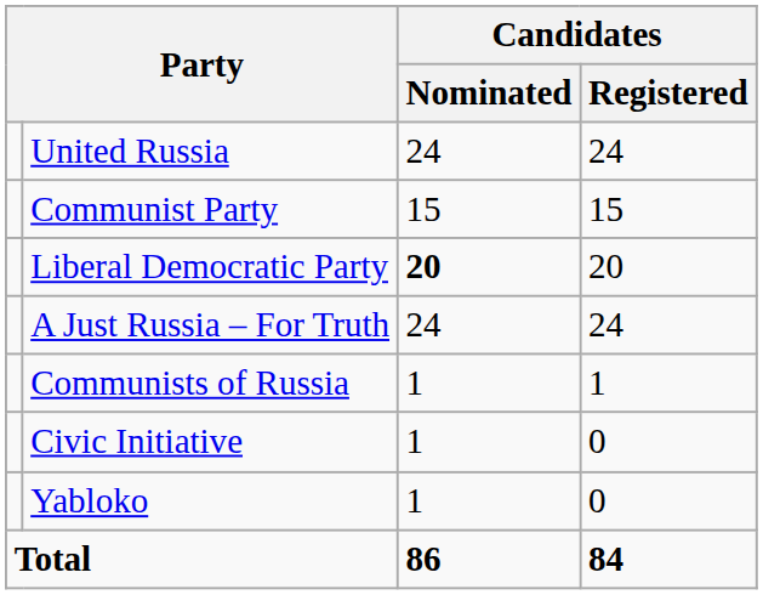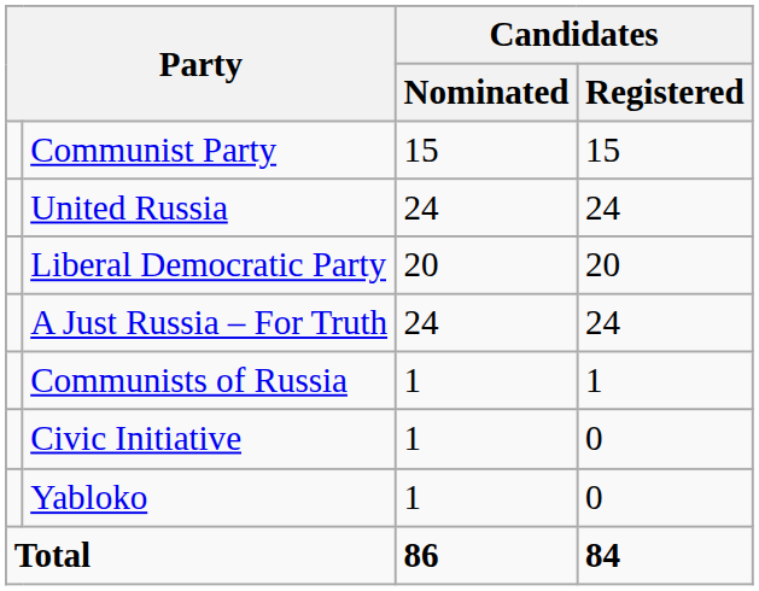 <table class="wikitable sortable" style="background: #f9f9f9; text-align:left; font-size: 95%">
 <tr>
 <th align=center rowspan=2 colspan=2>Party</th>
 <th align=center colspan=2>Candidates</th>
 </tr>
 <tr>
 <th align=center>Nominated</th>
 <th align=center>Registered</th>
 </tr>
 <tr>
 <td></td>
+<td><a href='#'>Communist Party</a></td>
+<td>15</td>
+<td>15</td>
+</tr>
+<tr>
+<td></td>
 <td><a href='#'>United Russia</a></td>
 <td>24</td>
 <td>24</td>
 </tr>
 <tr>
 <td></td>
-<td><a href='#'>Communist Party</a></td>
-<td>15</td>
-<td>15</td>
-</tr>
-<tr>
-<td></td>
 <td><a href='#'>Liberal Democratic Party</a></td>
-<td><strong>20</strong></td>
+<td>20</td>
 <td>20</td>
 </tr>
 <tr>
 <td></td>
 <td><a href='#'>A Just Russia – For Truth</a></td>
 <td>24</td>
 <td>24</td>
 </tr>
 <tr>
 <td></td>
 <td><a href='#'>Communists of Russia</a></td>
 <td>1</td>
 <td>1</td>
 </tr>
 <tr>
 <td></td>
 <td><a href='#'>Civic Initiative</a></td>
 <td>1</td>
 <td>0</td>
 </tr>
 <tr>
 <td></td>
 <td><a href='#'>Yabloko</a></td>
 <td>1</td>
 <td>0</td>
 </tr>
 <tr>
 <td colspan=2><strong>Total</strong></td>
 <td><strong>86</strong></td>
 <td><strong>84</strong></td>
 </tr>
 </table>
